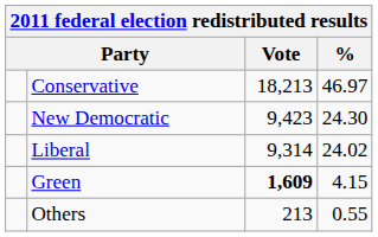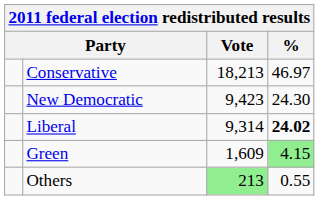 <table class="wikitable">
 <tr>
 <th colspan="4"><a href='#'>2011 federal election</a> redistributed results</th>
 </tr>
 <tr>
 <th bgcolor="#DDDDFF" width="130px" colspan="2">Party</th>
 <th bgcolor="#DDDDFF" width="50px">Vote</th>
 <th bgcolor="#DDDDFF" width="30px">%</th>
 </tr>
 <tr>
 <td> </td>
 <td><a href='#'>Conservative</a></td>
 <td align=right>18,213</td>
 <td align=right>46.97</td>
 </tr>
 <tr>
 <td> </td>
 <td><a href='#'>New Democratic</a></td>
 <td align=right>9,423</td>
 <td align=right>24.30</td>
 </tr>
 <tr>
 <td> </td>
 <td><a href='#'>Liberal</a></td>
 <td align=right>9,314</td>
-<td align=right>24.02</td>
+<td align=right><strong>24.02</strong></td>
 </tr>
 <tr>
 <td> </td>
 <td><a href='#'>Green</a></td>
-<td align=right><strong>1,609</strong></td>
-<td align=right>4.15</td>
+<td align=right>1,609</td>
+<td align=right style="background: lightgreen;">4.15</td>
 </tr>
 <tr>
 <td> </td>
 <td>Others</td>
-<td align=right>213</td>
+<td align=right style="background: lightgreen;">213</td>
 <td align=right>0.55</td>
 </tr>
 </table>
